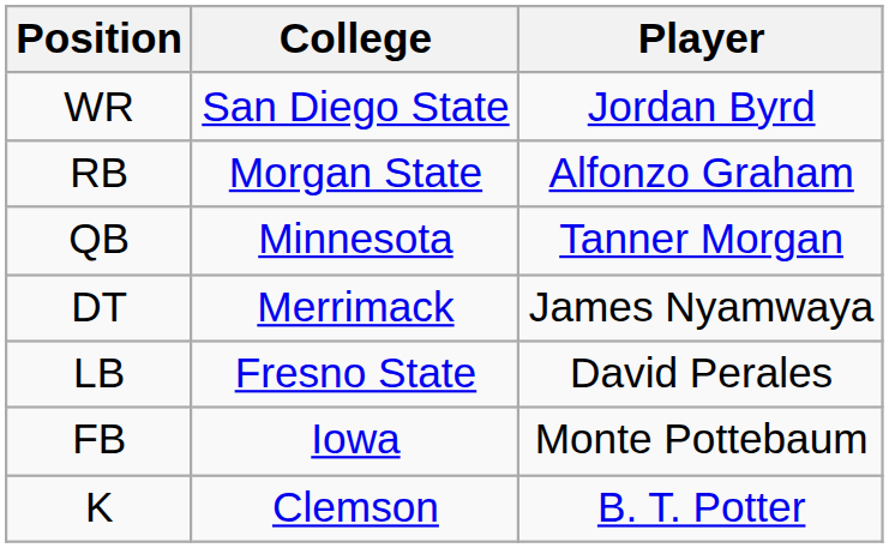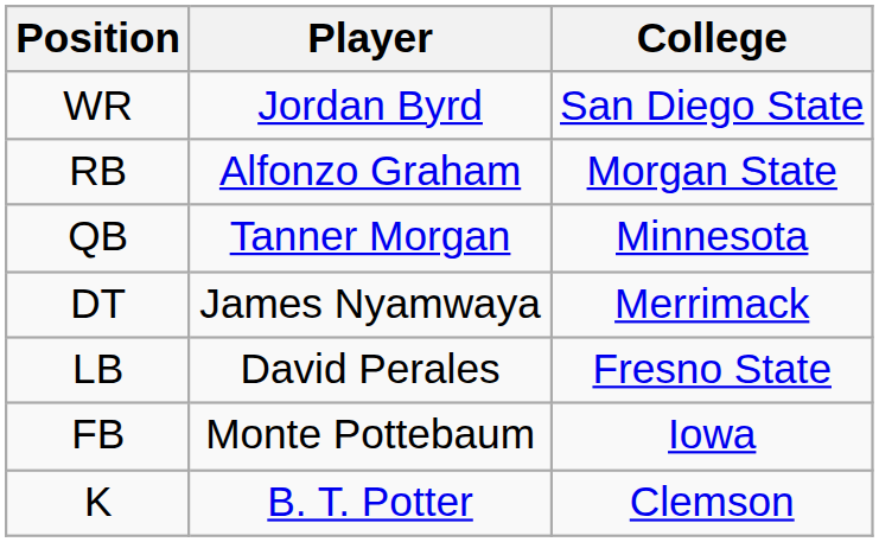 <table class="wikitable" style="text-align:center">
 <tr>
 <th>Position</th>
+<th>Player</th>
 <th>College</th>
-<th>Player</th>
 </tr>
 <tr>
 <td>WR</td>
+<td><a href='#'>Jordan Byrd</a></td>
 <td><a href='#'>San Diego State</a></td>
-<td><a href='#'>Jordan Byrd</a></td>
 </tr>
 <tr>
 <td>RB</td>
+<td><a href='#'>Alfonzo Graham</a></td>
 <td><a href='#'>Morgan State</a></td>
-<td><a href='#'>Alfonzo Graham</a></td>
 </tr>
 <tr>
 <td>QB</td>
+<td><a href='#'>Tanner Morgan</a></td>
 <td><a href='#'>Minnesota</a></td>
-<td><a href='#'>Tanner Morgan</a></td>
 </tr>
 <tr>
 <td>DT</td>
+<td>James Nyamwaya</td>
 <td><a href='#'>Merrimack</a></td>
-<td>James Nyamwaya</td>
 </tr>
 <tr>
 <td>LB</td>
+<td>David Perales</td>
 <td><a href='#'>Fresno State</a></td>
-<td>David Perales</td>
 </tr>
 <tr>
 <td>FB</td>
+<td>Monte Pottebaum</td>
 <td><a href='#'>Iowa</a></td>
-<td>Monte Pottebaum</td>
 </tr>
 <tr>
 <td>K</td>
+<td><a href='#'>B. T. Potter</a></td>
 <td><a href='#'>Clemson</a></td>
-<td><a href='#'>B. T. Potter</a></td>
 </tr>
 </table>
